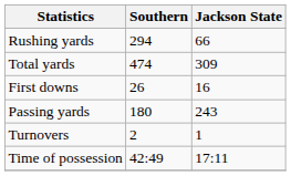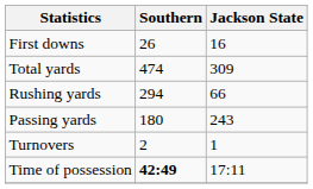 <table class="wikitable">
 <tr>
 <th>Statistics</th>
 <th>Southern</th>
 <th>Jackson State</th>
 </tr>
 <tr>
-<td>Rushing yards</td>
-<td>294</td>
-<td>66</td>
+<td>First downs</td>
+<td>26</td>
+<td>16</td>
 </tr>
 <tr>
 <td>Total yards</td>
 <td>474</td>
 <td>309</td>
 </tr>
 <tr>
-<td>First downs</td>
-<td>26</td>
-<td>16</td>
+<td>Rushing yards</td>
+<td>294</td>
+<td>66</td>
 </tr>
 <tr>
 <td>Passing yards</td>
 <td>180</td>
 <td>243</td>
 </tr>
 <tr>
 <td>Turnovers</td>
 <td>2</td>
 <td>1</td>
 </tr>
 <tr>
 <td>Time of possession</td>
-<td>42:49</td>
+<td><strong>42:49</strong></td>
 <td>17:11</td>
 </tr>
 <tr>
 </tr>
 </table>
